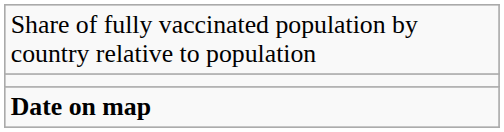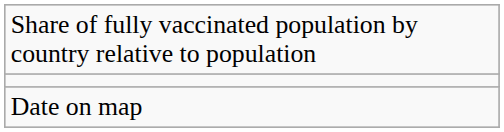 <table class=wikitable>
 <tr>
 <td style=max-width:300px>Share of fully vaccinated population by country relative to population</td>
 </tr>
 <tr>
 <td></td>
 </tr>
 <tr>
-<td style=max-width:300px><strong>Date on map</strong></td>
+<td style=max-width:300px>Date on map</td>
 </tr>
 </table>
